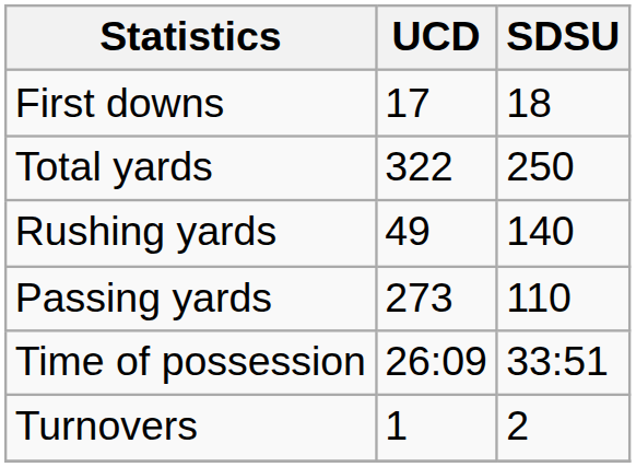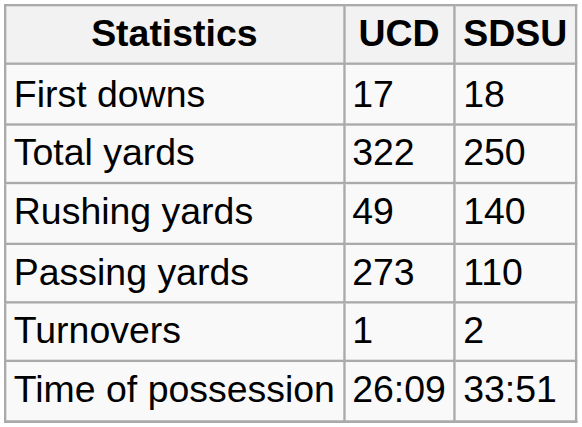 <table class="wikitable">
 <tr>
 <th>Statistics</th>
 <th>UCD</th>
 <th>SDSU</th>
 </tr>
 <tr>
 <td>First downs</td>
 <td>17</td>
 <td>18</td>
 </tr>
 <tr>
 <td>Total yards</td>
 <td>322</td>
 <td>250</td>
 </tr>
 <tr>
 <td>Rushing yards</td>
 <td>49</td>
 <td>140</td>
 </tr>
 <tr>
 <td>Passing yards</td>
 <td>273</td>
 <td>110</td>
 </tr>
 <tr>
+<td>Turnovers</td>
+<td>1</td>
+<td>2</td>
+</tr>
+<tr>
 <td>Time of possession</td>
 <td>26:09</td>
 <td>33:51</td>
 </tr>
 <tr>
-<td>Turnovers</td>
-<td>1</td>
-<td>2</td>
-</tr>
-<tr>
 </tr>
 </table>
